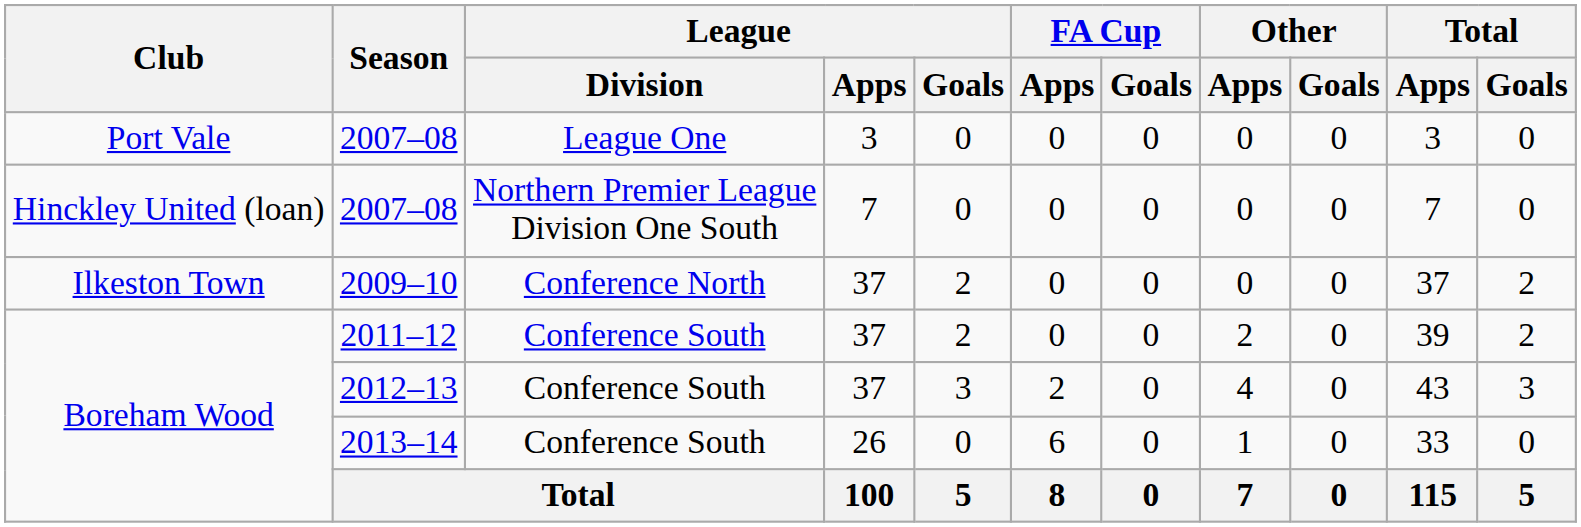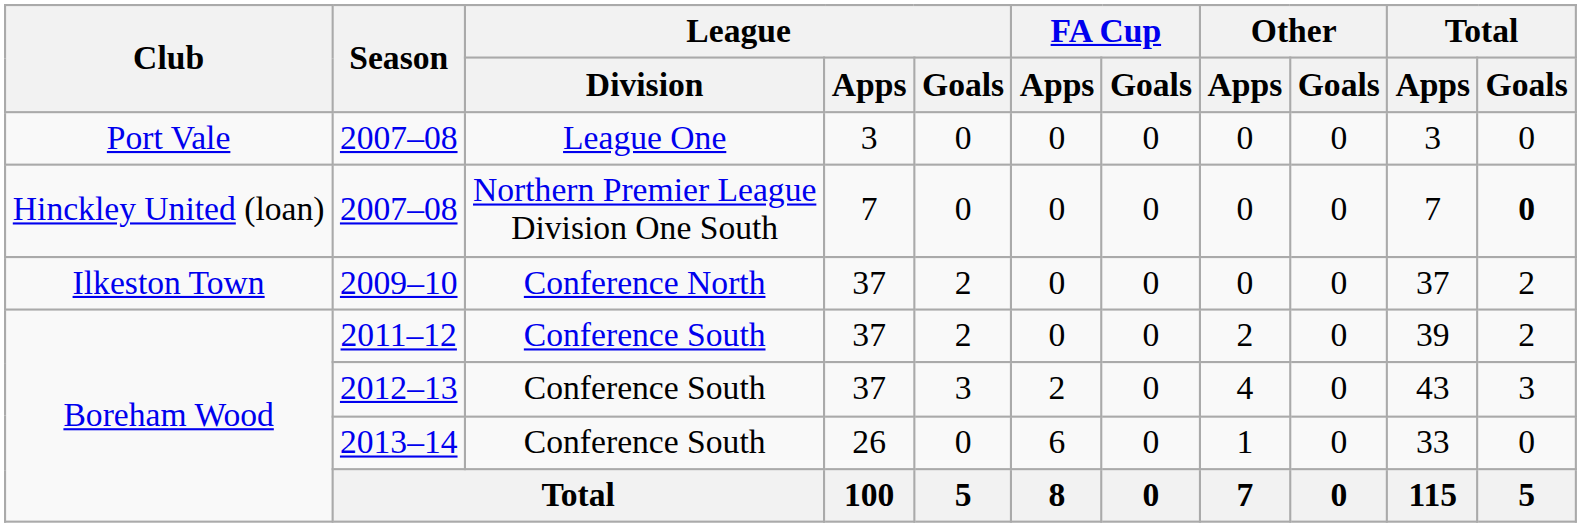 <table class="wikitable" style="text-align:center">
 <tr>
 <th rowspan="2">Club</th>
 <th rowspan="2">Season</th>
 <th colspan="3">League</th>
 <th colspan="2"><a href='#'>FA Cup</a></th>
 <th colspan="2">Other</th>
 <th colspan="2">Total</th>
 </tr>
 <tr>
 <th>Division</th>
 <th>Apps</th>
 <th>Goals</th>
 <th>Apps</th>
 <th>Goals</th>
 <th>Apps</th>
 <th>Goals</th>
 <th>Apps</th>
 <th>Goals</th>
 </tr>
 <tr>
 <td><a href='#'>Port Vale</a></td>
 <td><a href='#'>2007–08</a></td>
 <td><a href='#'>League One</a></td>
 <td>3</td>
 <td>0</td>
 <td>0</td>
 <td>0</td>
 <td>0</td>
 <td>0</td>
 <td>3</td>
 <td>0</td>
 </tr>
 <tr>
 <td><a href='#'>Hinckley United</a> (loan)</td>
 <td><a href='#'>2007–08</a></td>
 <td><a href='#'>Northern Premier League</a><br>Division One South</td>
 <td>7</td>
 <td>0</td>
 <td>0</td>
 <td>0</td>
 <td>0</td>
 <td>0</td>
 <td>7</td>
-<td>0</td>
+<td><strong>0</strong></td>
 </tr>
 <tr>
 <td><a href='#'>Ilkeston Town</a></td>
 <td><a href='#'>2009–10</a></td>
 <td><a href='#'>Conference North</a></td>
 <td>37</td>
 <td>2</td>
 <td>0</td>
 <td>0</td>
 <td>0</td>
 <td>0</td>
 <td>37</td>
 <td>2</td>
 </tr>
 <tr>
 <td rowspan="4"><a href='#'>Boreham Wood</a></td>
 <td><a href='#'>2011–12</a></td>
 <td><a href='#'>Conference South</a></td>
 <td>37</td>
 <td>2</td>
 <td>0</td>
 <td>0</td>
 <td>2</td>
 <td>0</td>
 <td>39</td>
 <td>2</td>
 </tr>
 <tr>
 <td><a href='#'>2012–13</a></td>
 <td>Conference South</td>
 <td>37</td>
 <td>3</td>
 <td>2</td>
 <td>0</td>
 <td>4</td>
 <td>0</td>
 <td>43</td>
 <td>3</td>
 </tr>
 <tr>
 <td><a href='#'>2013–14</a></td>
 <td>Conference South</td>
 <td>26</td>
 <td>0</td>
 <td>6</td>
 <td>0</td>
 <td>1</td>
 <td>0</td>
 <td>33</td>
 <td>0</td>
 </tr>
 <tr>
 <th colspan="2">Total</th>
 <th>100</th>
 <th>5</th>
 <th>8</th>
 <th>0</th>
 <th>7</th>
 <th>0</th>
 <th>115</th>
 <th>5</th>
 </tr>
 </table>
